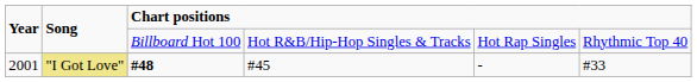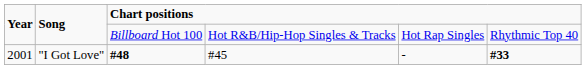 <table class="wikitable">
 <tr>
 <td rowspan="2"><strong>Year</strong></td>
 <td rowspan="2"><strong>Song</strong></td>
 <td colspan="4"><strong>Chart positions</strong></td>
 </tr>
 <tr>
 <td><a href='#'><em>Billboard</em> Hot 100</a></td>
 <td><a href='#'>Hot R&B/Hip-Hop Singles & Tracks</a></td>
 <td><a href='#'>Hot Rap Singles</a></td>
 <td><a href='#'>Rhythmic Top 40</a></td>
 </tr>
 <tr>
 <td>2001</td>
-<td style="background: khaki;">"I Got Love"</td>
+<td>"I Got Love"</td>
 <td><strong>#48</strong></td>
 <td>#45</td>
 <td>-</td>
-<td>#33</td>
+<td><strong>#33</strong></td>
 </tr>
 </table>
